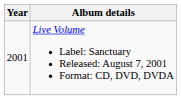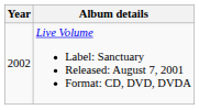 <table class="wikitable">
 <tr>
 <th>Year</th>
 <th>Album details</th>
 </tr>
 <tr>
-<td>2001</td>
+<td>2002</td>
 <td><em><a href='#'>Live Volume</a></em><br><ul><li>Label: Sanctuary</li><li>Released: August 7, 2001</li><li>Format: CD, DVD, DVDA</li></ul></td>
 </tr>
 </table>
